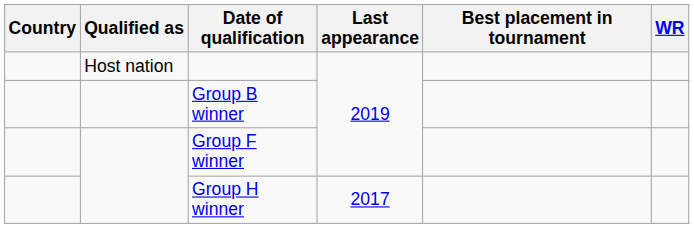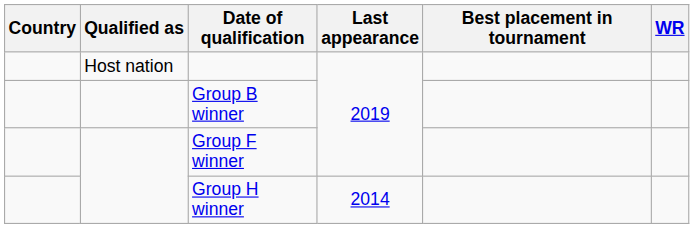 <table class="wikitable sortable">
 <tr>
 <th>Country</th>
 <th>Qualified as</th>
 <th scope="col" width="110">Date of qualification</th>
 <th scope="col" width="50">Last appearance</th>
 <th scope="col" width="200">Best placement in tournament</th>
 <th><a href='#'>WR</a></th>
 </tr>
 <tr>
 <td></td>
 <td>Host nation</td>
 <td></td>
 <td align=center rowspan=3><a href='#'>2019</a></td>
 <td></td>
 <td align="center"></td>
 </tr>
 <tr>
 <td></td>
 <td></td>
 <td><a href='#'>Group B winner</a></td>
 <td></td>
 <td align="center"></td>
 </tr>
 <tr>
 <td></td>
 <td rowspan=2></td>
 <td><a href='#'>Group F winner</a></td>
 <td></td>
 <td align="center"></td>
 </tr>
 <tr>
 <td></td>
 <td><a href='#'>Group H winner</a></td>
-<td align=center><a href='#'>2017</a></td>
+<td align=center><a href='#'>2014</a></td>
 <td></td>
 <td align="center"></td>
 </tr>
 </table>
